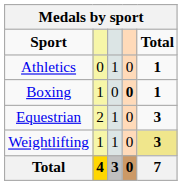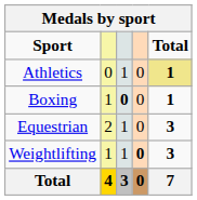 <table class="wikitable" style="font-size:85%; text-align:center;">
 <tr style="background:#efefef;">
 <th colspan=5><strong>Medals by sport</strong></th>
 </tr>
 <tr>
 <td><strong>Sport</strong></td>
 <td style="background:#f7f6a8;"></td>
 <td style="background:#dce5e5;"></td>
 <td style="background:#ffdab9;"></td>
 <td><strong>Total</strong></td>
 </tr>
 <tr>
 <td><a href='#'>Athletics</a></td>
 <td style="background:#F7F6A8;">0</td>
 <td style="background:#DCE5E5;">1</td>
 <td style="background:#FFDAB9;">0</td>
-<td><strong>1</strong></td>
+<td style="background: khaki;"><strong>1</strong></td>
 </tr>
 <tr>
 <td><a href='#'>Boxing</a></td>
 <td style="background:#F7F6A8;">1</td>
-<td style="background:#DCE5E5;">0</td>
-<td style="background:#FFDAB9;"><strong>0</strong></td>
+<td style="background:#DCE5E5;"><strong>0</strong></td>
+<td style="background:#FFDAB9;">0</td>
 <td><strong>1</strong></td>
 </tr>
 <tr>
 <td><a href='#'>Equestrian</a></td>
 <td style="background:#F7F6A8;">2</td>
 <td style="background:#DCE5E5;">1</td>
 <td style="background:#FFDAB9;">0</td>
 <td><strong>3</strong></td>
 </tr>
 <tr>
 <td><a href='#'>Weightlifting</a></td>
 <td style="background:#F7F6A8;">1</td>
 <td style="background:#DCE5E5;">1</td>
-<td style="background:#FFDAB9;">0</td>
-<td style="background: khaki;"><strong>3</strong></td>
+<td style="background:#FFDAB9;"><strong>0</strong></td>
+<td><strong>3</strong></td>
 </tr>
 <tr>
 <th>Total</th>
 <th style="background:gold;">4</th>
 <th style="background:silver;">3</th>
 <th style="background:#c96;">0</th>
 <th>7</th>
 </tr>
 </table>
